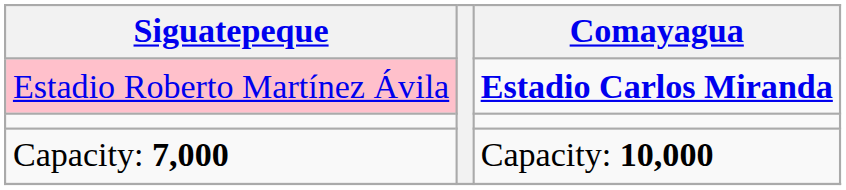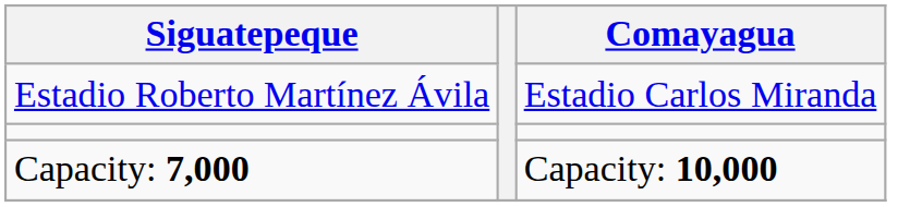 <table class="wikitable">
 <tr>
 <th><a href='#'>Siguatepeque</a></th>
 <th rowspan="4"><br></th>
 <th><a href='#'>Comayagua</a></th>
 </tr>
 <tr>
-<td style="background: pink;"><a href='#'>Estadio Roberto Martínez Ávila</a></td>
-<td><strong><a href='#'>Estadio Carlos Miranda</a></strong></td>
+<td><a href='#'>Estadio Roberto Martínez Ávila</a></td>
+<td><a href='#'>Estadio Carlos Miranda</a></td>
 </tr>
 <tr>
 <td><small></small></td>
 <td><small></small></td>
 </tr>
 <tr>
 <td>Capacity: <strong>7,000</strong></td>
 <td>Capacity: <strong>10,000</strong></td>
 </tr>
 <tr>
 </tr>
 </table>
